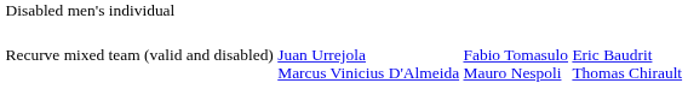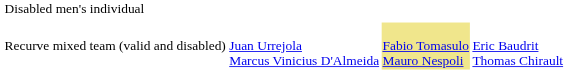 <table>
 <tr>
 <td>Disabled men's individual</td>
 <td></td>
 <td></td>
 <td></td>
 </tr>
 <tr>
 <td></td>
 <td></td>
 <td></td>
 <td></td>
 </tr>
 <tr>
 <td>Recurve mixed team (valid and disabled)</td>
 <td><br><a href='#'>Juan Urrejola</a><br><a href='#'>Marcus Vinicius D'Almeida</a></td>
-<td><br><a href='#'>Fabio Tomasulo</a><br><a href='#'>Mauro Nespoli</a></td>
+<td style="background: khaki;"><br><a href='#'>Fabio Tomasulo</a><br><a href='#'>Mauro Nespoli</a></td>
 <td><br><a href='#'>Eric Baudrit</a><br><a href='#'>Thomas Chirault</a></td>
 </tr>
 </table>
